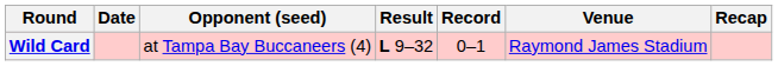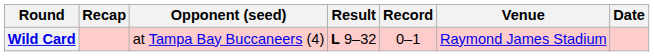 <table class="wikitable" style="text-align:center">
 <tr>
 <th>Round</th>
-<th>Date</th>
+<th>Recap</th>
 <th>Opponent (seed)</th>
 <th>Result</th>
 <th>Record</th>
 <th>Venue</th>
-<th>Recap</th>
+<th>Date</th>
 </tr>
 <tr style="background:#fcc">
 <th><a href='#'>Wild Card</a></th>
 <td></td>
 <td>at <a href='#'>Tampa Bay Buccaneers</a> (4)</td>
 <td><strong>L</strong> 9–32</td>
 <td>0–1</td>
 <td><a href='#'>Raymond James Stadium</a></td>
 <td></td>
 </tr>
 </table>
